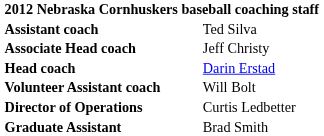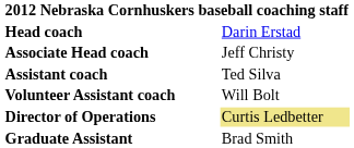 <table class="toccolours" style="text-align: left;" align="right">
 <tr>
 <td colspan="2"><strong>2012 Nebraska Cornhuskers baseball coaching staff</strong></td>
 </tr>
 <tr>
-<td><strong>Assistant coach</strong></td>
-<td>Ted Silva</td>
+<td><strong>Head coach</strong></td>
+<td><a href='#'>Darin Erstad</a></td>
 </tr>
 <tr>
 <td><strong>Associate Head coach</strong></td>
 <td>Jeff Christy</td>
 </tr>
 <tr>
-<td><strong>Head coach</strong></td>
-<td><a href='#'>Darin Erstad</a></td>
+<td><strong>Assistant coach</strong></td>
+<td>Ted Silva</td>
 </tr>
 <tr>
 <td><strong>Volunteer Assistant coach</strong></td>
 <td>Will Bolt</td>
 </tr>
 <tr>
 <td><strong>Director of Operations</strong></td>
-<td>Curtis Ledbetter</td>
+<td style="background: khaki;">Curtis Ledbetter</td>
 </tr>
 <tr>
 <td><strong>Graduate Assistant</strong></td>
 <td>Brad Smith</td>
 </tr>
 <tr>
 </tr>
 </table>
